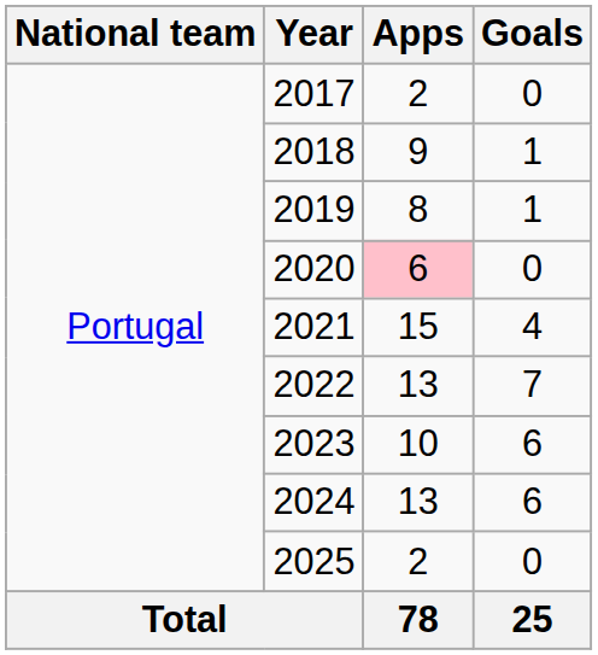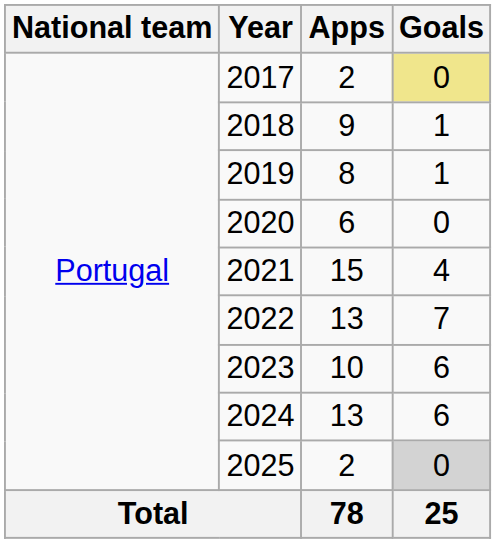 <table class="wikitable" style="text-align: center;">
 <tr>
 <th>National team</th>
 <th>Year</th>
 <th>Apps</th>
 <th>Goals</th>
 </tr>
 <tr>
 <td rowspan="9"><a href='#'>Portugal</a></td>
 <td>2017</td>
 <td>2</td>
-<td>0</td>
+<td style="background: khaki;">0</td>
 </tr>
 <tr>
 <td>2018</td>
 <td>9</td>
 <td>1</td>
 </tr>
 <tr>
 <td>2019</td>
 <td>8</td>
 <td>1</td>
 </tr>
 <tr>
 <td>2020</td>
-<td style="background: pink;">6</td>
+<td>6</td>
 <td>0</td>
 </tr>
 <tr>
 <td>2021</td>
 <td>15</td>
 <td>4</td>
 </tr>
 <tr>
 <td>2022</td>
 <td>13</td>
 <td>7</td>
 </tr>
 <tr>
 <td>2023</td>
 <td>10</td>
 <td>6</td>
 </tr>
 <tr>
 <td>2024</td>
 <td>13</td>
 <td>6</td>
 </tr>
 <tr>
 <td>2025</td>
 <td>2</td>
-<td>0</td>
+<td style="background: lightgrey;">0</td>
 </tr>
 <tr>
 <th colspan="2">Total</th>
 <th>78</th>
 <th>25</th>
 </tr>
 </table>
